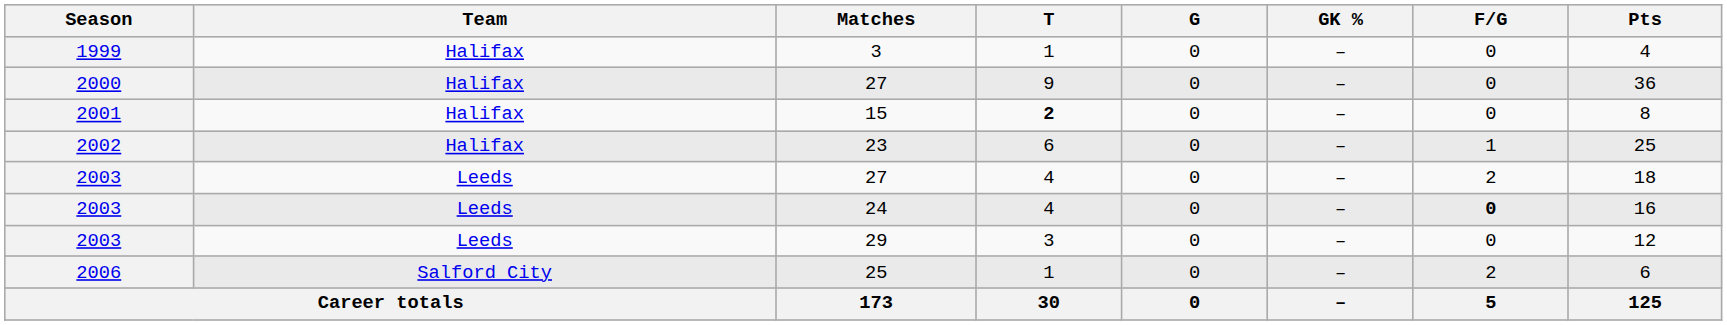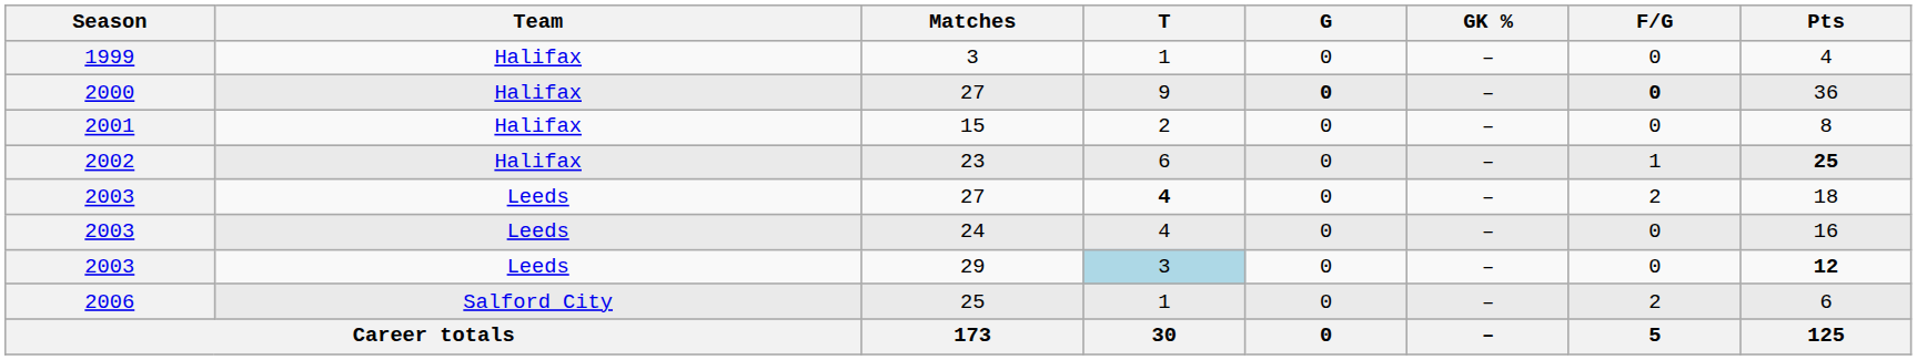 <table class="wikitable sortable"  style="font-size:90%; text-align:center; width:85%;">
 <tr>
 <th width=2%>Season</th>
 <th width=8%>Team</th>
 <th width=2%>Matches</th>
 <th width=2%>T</th>
 <th width=2%>G</th>
 <th width=2%>GK %</th>
 <th width=2%>F/G</th>
 <th width=2%>Pts</th>
 </tr>
 <tr>
 <th scope="row" style="text-align:center; font-weight:normal"><a href='#'>1999</a></th>
 <td style="text-align:center;"> <a href='#'>Halifax</a></td>
 <td>3</td>
 <td>1</td>
 <td>0</td>
 <td>–</td>
 <td>0</td>
 <td>4</td>
 </tr>
 <tr style="background-color: #EAEAEA">
 <th scope="row" style="text-align:center; font-weight:normal"><a href='#'>2000</a></th>
 <td style="text-align:center;"> <a href='#'>Halifax</a></td>
 <td>27</td>
 <td>9</td>
-<td>0</td>
+<td><strong>0</strong></td>
 <td>–</td>
-<td>0</td>
+<td><strong>0</strong></td>
 <td>36</td>
 </tr>
 <tr>
 <th scope="row" style="text-align:center; font-weight:normal"><a href='#'>2001</a></th>
 <td style="text-align:center;"> <a href='#'>Halifax</a></td>
 <td>15</td>
-<td><strong>2</strong></td>
+<td>2</td>
 <td>0</td>
 <td>–</td>
 <td>0</td>
 <td>8</td>
 </tr>
 <tr style="background-color: #EAEAEA">
 <th scope="row" style="text-align:center; font-weight:normal"><a href='#'>2002</a></th>
 <td style="text-align:center;"> <a href='#'>Halifax</a></td>
 <td>23</td>
 <td>6</td>
 <td>0</td>
 <td>–</td>
 <td>1</td>
-<td>25</td>
+<td><strong>25</strong></td>
 </tr>
 <tr>
 <th scope="row" style="text-align:center; font-weight:normal"><a href='#'>2003</a></th>
 <td style="text-align:center;"> <a href='#'>Leeds</a></td>
 <td>27</td>
-<td>4</td>
+<td><strong>4</strong></td>
 <td>0</td>
 <td>–</td>
 <td>2</td>
 <td>18</td>
 </tr>
 <tr style="background-color: #EAEAEA">
 <th scope="row" style="text-align:center; font-weight:normal"><a href='#'>2003</a></th>
 <td style="text-align:center;"> <a href='#'>Leeds</a></td>
 <td>24</td>
 <td>4</td>
 <td>0</td>
 <td>–</td>
-<td><strong>0</strong></td>
+<td>0</td>
 <td>16</td>
 </tr>
 <tr>
 <th scope="row" style="text-align:center; font-weight:normal"><a href='#'>2003</a></th>
 <td style="text-align:center;"> <a href='#'>Leeds</a></td>
 <td>29</td>
-<td>3</td>
+<td style="background: lightblue;">3</td>
 <td>0</td>
 <td>–</td>
 <td>0</td>
-<td>12</td>
+<td><strong>12</strong></td>
 </tr>
 <tr style="background-color: #EAEAEA">
 <th scope="row" style="text-align:center; font-weight:normal"><a href='#'>2006</a></th>
 <td style="text-align:center;"> <a href='#'>Salford City</a></td>
 <td>25</td>
 <td>1</td>
 <td>0</td>
 <td>–</td>
 <td>2</td>
 <td>6</td>
 </tr>
 <tr class="sortbottom">
 <th colspan=2>Career totals</th>
 <th>173</th>
 <th>30</th>
 <th>0</th>
 <th>–</th>
 <th>5</th>
 <th>125</th>
 </tr>
 </table>
